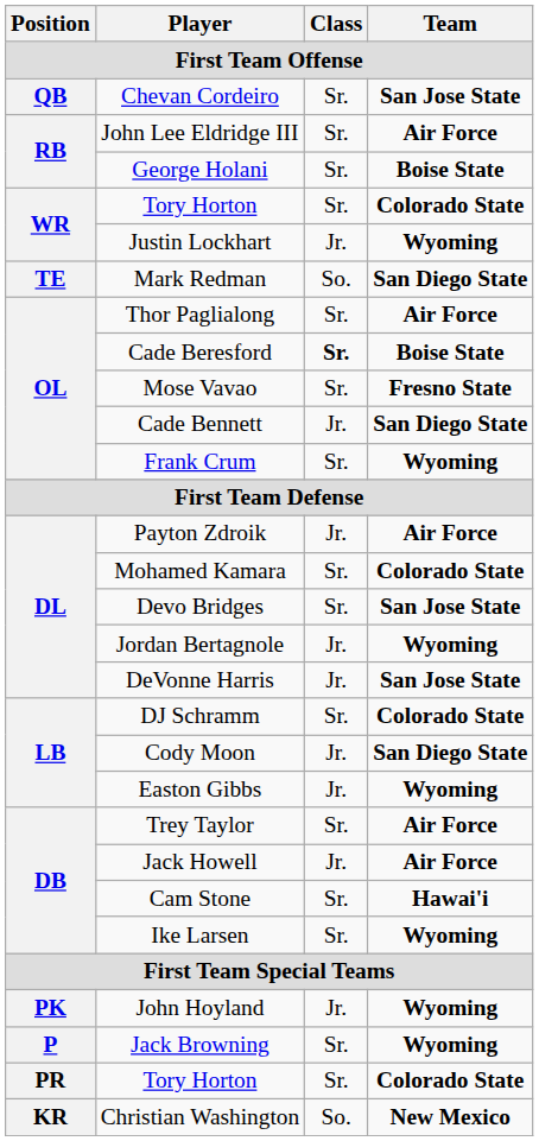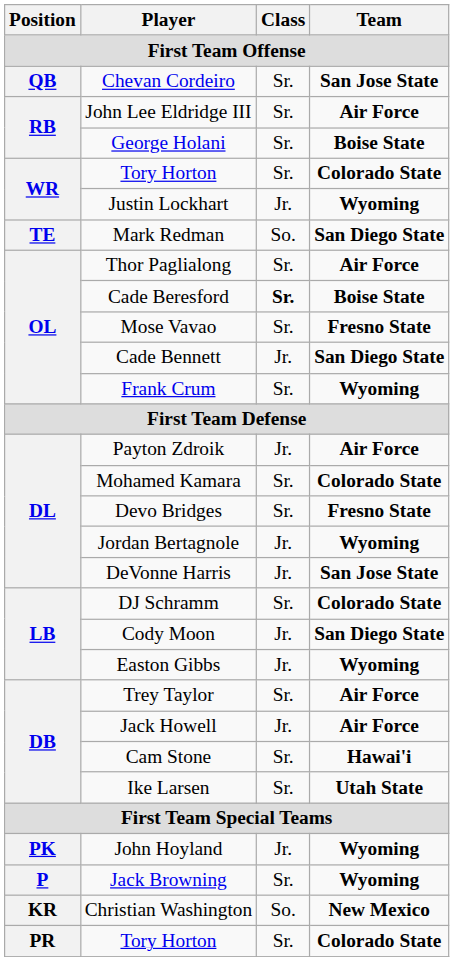 <table class="wikitable">
 <tr>
 <th>Position</th>
 <th>Player</th>
 <th>Class</th>
 <th>Team</th>
 </tr>
 <tr>
 <td colspan="4" style="text-align:center; background:#ddd;"><strong>First Team Offense</strong></td>
 </tr>
 <tr style="text-align:center;">
 <th rowspan="1"><a href='#'>QB</a></th>
 <td><a href='#'>Chevan Cordeiro</a></td>
 <td>Sr.</td>
 <td><strong>San Jose State</strong></td>
 </tr>
 <tr style="text-align:center;">
 <th rowspan="2"><a href='#'>RB</a></th>
 <td>John Lee Eldridge III</td>
 <td>Sr.</td>
 <td><strong>Air Force</strong></td>
 </tr>
 <tr style="text-align:center;">
 <td><a href='#'>George Holani</a></td>
 <td>Sr.</td>
 <td><strong>Boise State</strong></td>
 </tr>
 <tr style="text-align:center;">
 <th rowspan="2"><a href='#'>WR</a></th>
 <td><a href='#'>Tory Horton</a></td>
 <td>Sr.</td>
 <td><strong>Colorado State</strong></td>
 </tr>
 <tr style="text-align:center;">
 <td>Justin Lockhart</td>
 <td>Jr.</td>
 <td><strong>Wyoming</strong></td>
 </tr>
 <tr style="text-align:center;">
 <th rowspan="1"><a href='#'>TE</a></th>
 <td>Mark Redman</td>
 <td>So.</td>
 <td><strong>San Diego State</strong></td>
 </tr>
 <tr style="text-align:center;">
 <th rowspan="5"><a href='#'>OL</a></th>
 <td>Thor Paglialong</td>
 <td>Sr.</td>
 <td><strong>Air Force</strong></td>
 </tr>
 <tr style="text-align:center;">
 <td>Cade Beresford</td>
 <td><strong>Sr.</strong></td>
 <td><strong>Boise State</strong></td>
 </tr>
 <tr style="text-align:center;">
 <td>Mose Vavao</td>
 <td>Sr.</td>
 <td><strong>Fresno State</strong></td>
 </tr>
 <tr style="text-align:center;">
 <td>Cade Bennett</td>
 <td>Jr.</td>
 <td><strong>San Diego State</strong></td>
 </tr>
 <tr style="text-align:center;">
 <td><a href='#'>Frank Crum</a></td>
 <td>Sr.</td>
 <td><strong>Wyoming</strong></td>
 </tr>
 <tr style="text-align:center;">
 <td colspan="4" style="text-align:center; background:#ddd;"><strong>First Team Defense</strong></td>
 </tr>
 <tr style="text-align:center;">
 <th rowspan="5"><a href='#'>DL</a></th>
 <td>Payton Zdroik</td>
 <td>Jr.</td>
 <td><strong>Air Force</strong></td>
 </tr>
 <tr style="text-align:center;">
 <td>Mohamed Kamara</td>
 <td>Sr.</td>
 <td><strong>Colorado State</strong></td>
 </tr>
 <tr style="text-align:center;">
 <td>Devo Bridges</td>
 <td>Sr.</td>
-<td><strong>San Jose State</strong></td>
+<td><strong>Fresno State</strong></td>
 </tr>
 <tr style="text-align:center;">
 <td>Jordan Bertagnole</td>
 <td>Jr.</td>
 <td><strong>Wyoming</strong></td>
 </tr>
 <tr style="text-align:center;">
 <td>DeVonne Harris</td>
 <td>Jr.</td>
 <td><strong>San Jose State</strong></td>
 </tr>
 <tr style="text-align:center;">
 <th rowspan="3"><a href='#'>LB</a></th>
 <td>DJ Schramm</td>
 <td>Sr.</td>
 <td><strong>Colorado State</strong></td>
 </tr>
 <tr style="text-align:center;">
 <td>Cody Moon</td>
 <td>Jr.</td>
 <td><strong>San Diego State</strong></td>
 </tr>
 <tr style="text-align:center;">
 <td>Easton Gibbs</td>
 <td>Jr.</td>
 <td><strong>Wyoming</strong></td>
 </tr>
 <tr style="text-align:center;">
 <th rowspan="4"><a href='#'>DB</a></th>
 <td>Trey Taylor</td>
 <td>Sr.</td>
 <td><strong>Air Force</strong></td>
 </tr>
 <tr style="text-align:center;">
 <td>Jack Howell</td>
 <td>Jr.</td>
 <td><strong>Air Force</strong></td>
 </tr>
 <tr style="text-align:center;">
 <td>Cam Stone</td>
 <td>Sr.</td>
 <td><strong>Hawai'i</strong></td>
 </tr>
 <tr style="text-align:center;">
 <td>Ike Larsen</td>
 <td>Sr.</td>
-<td><strong>Wyoming</strong></td>
+<td><strong>Utah State</strong></td>
 </tr>
 <tr>
 <td colspan="4" style="text-align:center; background:#ddd;"><strong>First Team Special Teams</strong></td>
 </tr>
 <tr style="text-align:center;">
 <th rowspan="1"><a href='#'>PK</a></th>
 <td>John Hoyland</td>
 <td>Jr.</td>
 <td><strong>Wyoming</strong></td>
 </tr>
 <tr style="text-align:center;">
 <th rowspan="1"><a href='#'>P</a></th>
 <td><a href='#'>Jack Browning</a></td>
 <td>Sr.</td>
 <td><strong>Wyoming</strong></td>
 </tr>
 <tr style="text-align:center;">
+<th rowspan="1">KR</th>
+<td>Christian Washington</td>
+<td>So.</td>
+<td><strong>New Mexico</strong></td>
+</tr>
+<tr style="text-align:center;">
 <th rowspan="1">PR</th>
 <td><a href='#'>Tory Horton</a></td>
 <td>Sr.</td>
 <td><strong>Colorado State</strong></td>
 </tr>
-<tr style="text-align:center;">
-<th rowspan="1">KR</th>
-<td>Christian Washington</td>
-<td>So.</td>
-<td><strong>New Mexico</strong></td>
-</tr>
 <tr>
 </tr>
 </table>
